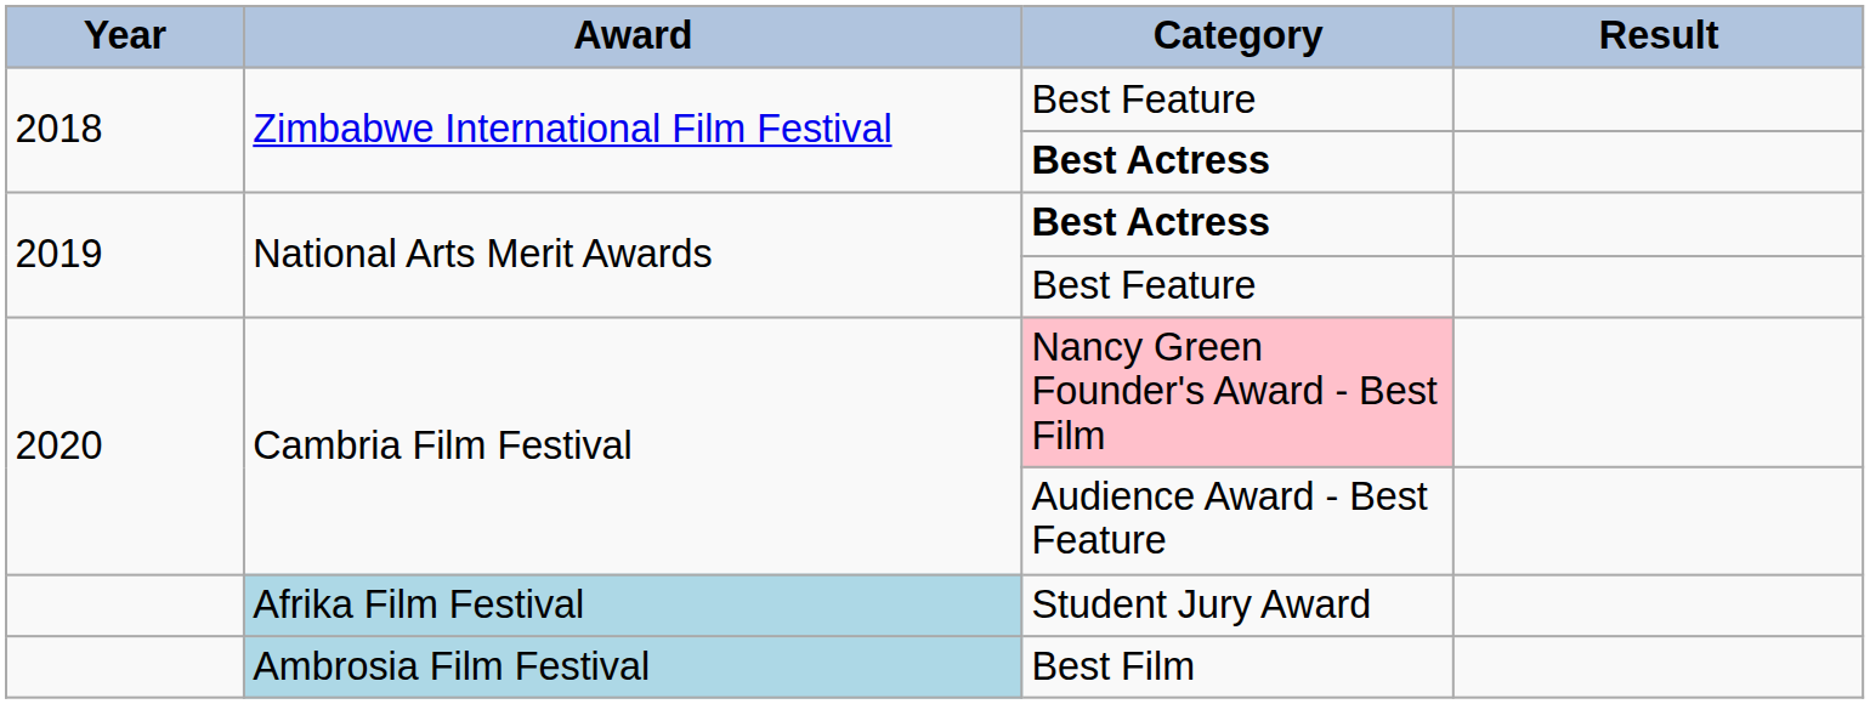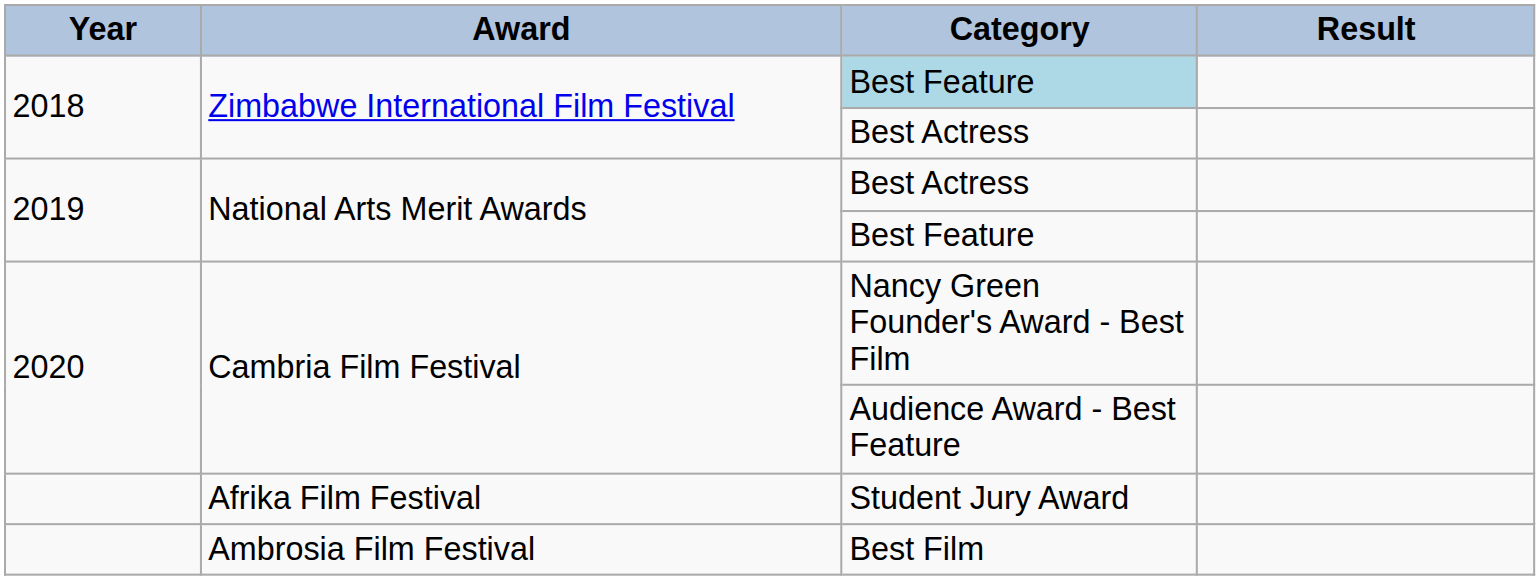 <table class="wikitable" width="60%">
 <tr>
 <th style="width:10pt; background:LightSteelBlue;">Year</th>
 <th style="width:100pt; background:LightSteelBlue;">Award</th>
 <th style="width:40pt; background:LightSteelBlue;">Category</th>
 <th style="width:50pt; background:LightSteelBlue;">Result</th>
 </tr>
 <tr>
 <td rowspan="2">2018</td>
 <td rowspan="2"><a href='#'>Zimbabwe International Film Festival</a></td>
-<td>Best Feature</td>
+<td style="background: lightblue;">Best Feature</td>
 <td></td>
 </tr>
 <tr>
-<td><strong>Best Actress</strong></td>
+<td>Best Actress</td>
 <td></td>
 </tr>
 <tr>
 <td rowspan="2">2019</td>
 <td rowspan="2">National Arts Merit Awards</td>
-<td><strong>Best Actress</strong></td>
+<td>Best Actress</td>
 <td></td>
 </tr>
 <tr>
 <td>Best Feature</td>
 <td></td>
 </tr>
 <tr>
 <td rowspan="2">2020</td>
 <td rowspan="2">Cambria Film Festival</td>
-<td style="background: pink;">Nancy Green Founder's Award - Best Film</td>
+<td>Nancy Green Founder's Award - Best Film</td>
 <td></td>
 </tr>
 <tr>
 <td>Audience Award - Best Feature</td>
 <td></td>
 </tr>
 <tr>
 <td rowspan="1"></td>
-<td rowspan="1" style="background: lightblue;">Afrika Film Festival</td>
+<td rowspan="1">Afrika Film Festival</td>
 <td>Student Jury Award</td>
 <td></td>
 </tr>
 <tr>
 <td rowspan="1"></td>
-<td rowspan="1" style="background: lightblue;">Ambrosia Film Festival</td>
+<td rowspan="1">Ambrosia Film Festival</td>
 <td>Best Film</td>
 <td></td>
 </tr>
 </table>
